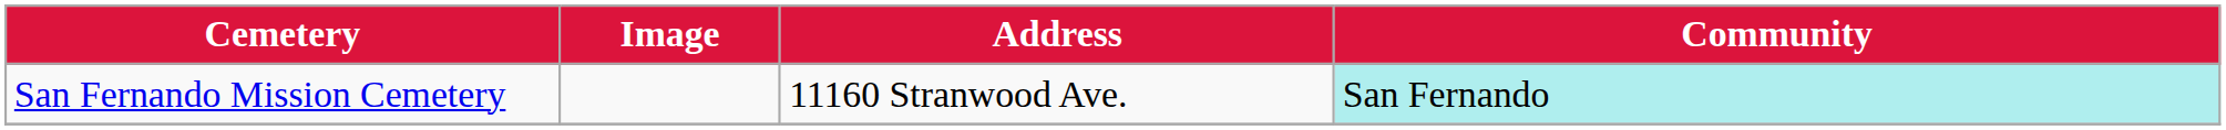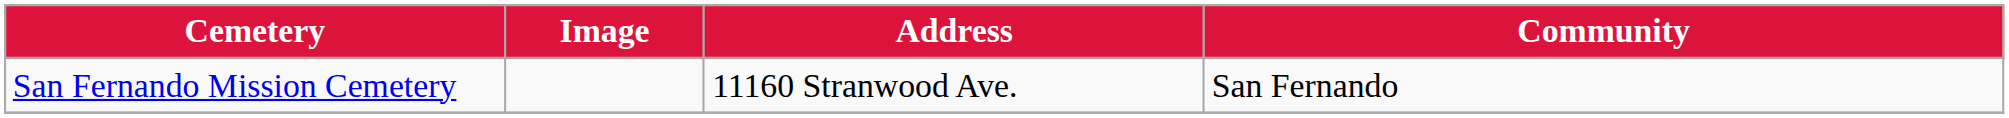 <table class="wikitable sortable" style="width:75%">
 <tr>
 <th style="background:crimson; color:white;" width="25%"><strong>Cemetery</strong></th>
 <th style="background:crimson; color:white;" width="10%"><strong>Image</strong></th>
 <th style="background:crimson; color:white;" width="25%"><strong>Address</strong></th>
 <th style="background:crimson; color:white;" width="15"><strong>Community</strong></th>
 </tr>
 <tr>
 <td><a href='#'>San Fernando Mission Cemetery</a></td>
 <td></td>
 <td>11160 Stranwood Ave.<br><small></small></td>
-<td style="background: paleturquoise;">San Fernando</td>
+<td>San Fernando</td>
 </tr>
 <tr ->
 </tr>
 </table>
